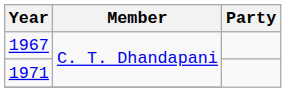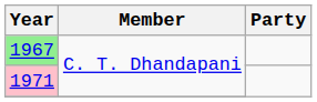 <table class="wikitable">
 <tr>
 <th>Year</th>
 <th>Member</th>
 <th colspan="2">Party</th>
 </tr>
 <tr>
-<td><a href='#'>1967</a></td>
+<td style="background: lightgreen;"><a href='#'>1967</a></td>
 <td rowspan="2"><a href='#'>C. T. Dhandapani</a></td>
 <td></td>
 </tr>
 <tr>
-<td><a href='#'>1971</a></td>
+<td style="background: pink;"><a href='#'>1971</a></td>
 </tr>
 <tr>
 </tr>
 </table>
